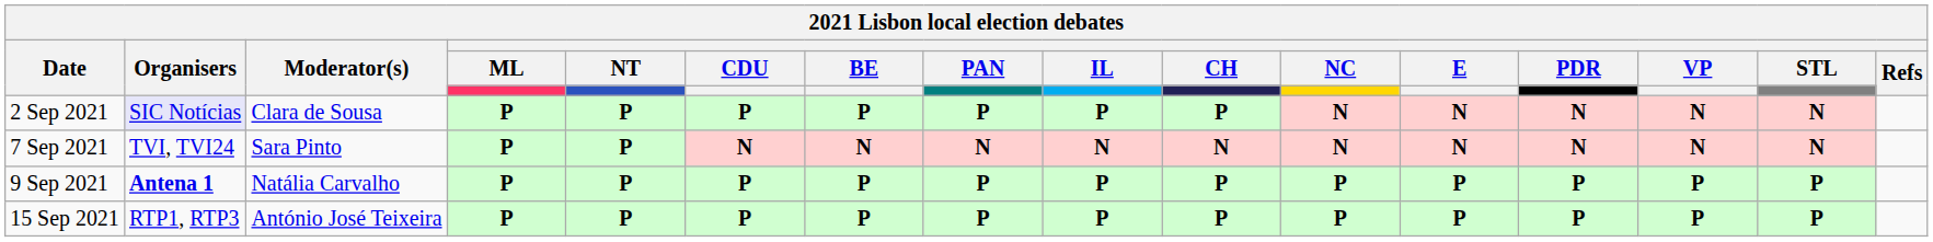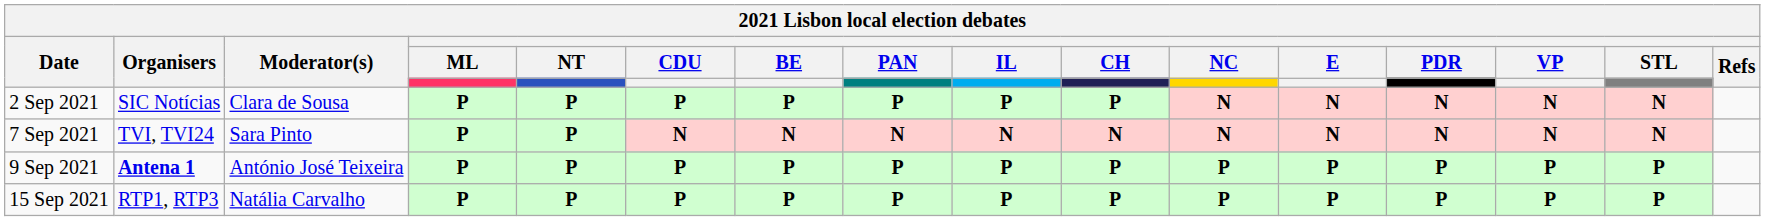 <table class="wikitable" style="font-size:98%; text-align:center;">
 <tr>
 <th colspan="22">2021 Lisbon local election debates</th>
 </tr>
 <tr>
 <th rowspan="3">Date</th>
 <th rowspan="3">Organisers</th>
 <th rowspan="3">Moderator(s)</th>
 <th colspan="19">      </th>
 </tr>
 <tr>
 <th scope="col" style="width:5em;">ML<br></th>
 <th scope="col" style="width:5em;">NT<br></th>
 <th scope="col" style="width:5em;"><a href='#'>CDU</a><br></th>
 <th scope="col" style="width:5em;"><a href='#'>BE</a><br></th>
 <th scope="col" style="width:5em;"><a href='#'>PAN</a><br></th>
 <th scope="col" style="width:5em;"><a href='#'>IL</a><br></th>
 <th scope="col" style="width:5em;"><a href='#'>CH</a><br></th>
 <th scope="col" style="width:5em;"><a href='#'>NC</a><br></th>
 <th scope="col" style="width:5em;"><a href='#'>E</a><br></th>
 <th scope="col" style="width:5em;"><a href='#'>PDR</a><br></th>
 <th scope="col" style="width:5em;"><a href='#'>VP</a><br></th>
 <th scope="col" style="width:5em;">STL<br></th>
 <th rowspan="2">Refs</th>
 </tr>
 <tr>
 <th style="color:inherit;background:#FF3366;"></th>
 <th style="color:inherit;background:#2A52BE;"></th>
 <th style="color:inherit;background:"></th>
 <th style="color:inherit;background:"></th>
 <th style="color:inherit;background:Teal;"></th>
 <th style="color:inherit;background:#00ADEF;"></th>
 <th style="color:inherit;background:#202056;"></th>
 <th style="color:inherit;background:gold;"></th>
 <th style="color:inherit;background:"></th>
 <th style="color:inherit;background:black;"></th>
 <th style="color:inherit;background:"></th>
 <th style="color:inherit;background:gray;"></th>
 </tr>
 <tr>
 <td style="white-space:nowrap; text-align:left;">2 Sep 2021</td>
-<td style="background: lavender; white-space:nowrap; text-align:left;"><a href='#'>SIC Notícias</a></td>
+<td style="white-space:nowrap; text-align:left;"><a href='#'>SIC Notícias</a></td>
 <td style="white-space:nowrap; text-align:left;"><a href='#'>Clara de Sousa</a></td>
 <td style="background:#D0FFD0;"><strong>P</strong></td>
 <td style="background:#D0FFD0;"><strong>P</strong></td>
 <td style="background:#D0FFD0;"><strong>P</strong></td>
 <td style="background:#D0FFD0;"><strong>P</strong></td>
 <td style="background:#D0FFD0;"><strong>P</strong></td>
 <td style="background:#D0FFD0;"><strong>P</strong></td>
 <td style="background:#D0FFD0;"><strong>P</strong></td>
 <td style="background:#FFD0D0;"><strong>N</strong></td>
 <td style="background:#FFD0D0;"><strong>N</strong></td>
 <td style="background:#FFD0D0;"><strong>N</strong></td>
 <td style="background:#FFD0D0;"><strong>N</strong></td>
 <td style="background:#FFD0D0;"><strong>N</strong></td>
 <td></td>
 </tr>
 <tr>
 <td style="white-space:nowrap; text-align:left;">7 Sep 2021</td>
 <td style="white-space:nowrap; text-align:left;"><a href='#'>TVI</a>, <a href='#'>TVI24</a></td>
 <td style="white-space:nowrap; text-align:left;"><a href='#'>Sara Pinto</a></td>
 <td style="background:#D0FFD0;"><strong>P</strong></td>
 <td style="background:#D0FFD0;"><strong>P</strong></td>
 <td style="background:#FFD0D0;"><strong>N</strong></td>
 <td style="background:#FFD0D0;"><strong>N</strong></td>
 <td style="background:#FFD0D0;"><strong>N</strong></td>
 <td style="background:#FFD0D0;"><strong>N</strong></td>
 <td style="background:#FFD0D0;"><strong>N</strong></td>
 <td style="background:#FFD0D0;"><strong>N</strong></td>
 <td style="background:#FFD0D0;"><strong>N</strong></td>
 <td style="background:#FFD0D0;"><strong>N</strong></td>
 <td style="background:#FFD0D0;"><strong>N</strong></td>
 <td style="background:#FFD0D0;"><strong>N</strong></td>
 <td></td>
 </tr>
 <tr>
 <td style="white-space:nowrap; text-align:left;">9 Sep 2021</td>
 <td style="white-space:nowrap; text-align:left;"><strong><a href='#'>Antena 1</a></strong></td>
-<td style="white-space:nowrap; text-align:left;"><a href='#'>Natália Carvalho</a></td>
+<td style="white-space:nowrap; text-align:left;"><a href='#'>António José Teixeira</a></td>
 <td style="background:#D0FFD0;"><strong>P</strong></td>
 <td style="background:#D0FFD0;"><strong>P</strong></td>
 <td style="background:#D0FFD0;"><strong>P</strong></td>
 <td style="background:#D0FFD0;"><strong>P</strong></td>
 <td style="background:#D0FFD0;"><strong>P</strong></td>
 <td style="background:#D0FFD0;"><strong>P</strong></td>
 <td style="background:#D0FFD0;"><strong>P</strong></td>
 <td style="background:#D0FFD0;"><strong>P</strong></td>
 <td style="background:#D0FFD0;"><strong>P</strong></td>
 <td style="background:#D0FFD0;"><strong>P</strong></td>
 <td style="background:#D0FFD0;"><strong>P</strong></td>
 <td style="background:#D0FFD0;"><strong>P</strong></td>
 <td></td>
 </tr>
 <tr>
 <td style="white-space:nowrap; text-align:left;">15 Sep 2021</td>
 <td style="white-space:nowrap; text-align:left;"><a href='#'>RTP1</a>, <a href='#'>RTP3</a></td>
-<td style="white-space:nowrap; text-align:left;"><a href='#'>António José Teixeira</a></td>
+<td style="white-space:nowrap; text-align:left;"><a href='#'>Natália Carvalho</a></td>
 <td style="background:#D0FFD0;"><strong>P</strong></td>
 <td style="background:#D0FFD0;"><strong>P</strong></td>
 <td style="background:#D0FFD0;"><strong>P</strong></td>
 <td style="background:#D0FFD0;"><strong>P</strong></td>
 <td style="background:#D0FFD0;"><strong>P</strong></td>
 <td style="background:#D0FFD0;"><strong>P</strong></td>
 <td style="background:#D0FFD0;"><strong>P</strong></td>
 <td style="background:#D0FFD0;"><strong>P</strong></td>
 <td style="background:#D0FFD0;"><strong>P</strong></td>
 <td style="background:#D0FFD0;"><strong>P</strong></td>
 <td style="background:#D0FFD0;"><strong>P</strong></td>
 <td style="background:#D0FFD0;"><strong>P</strong></td>
 <td></td>
 </tr>
 </table>
